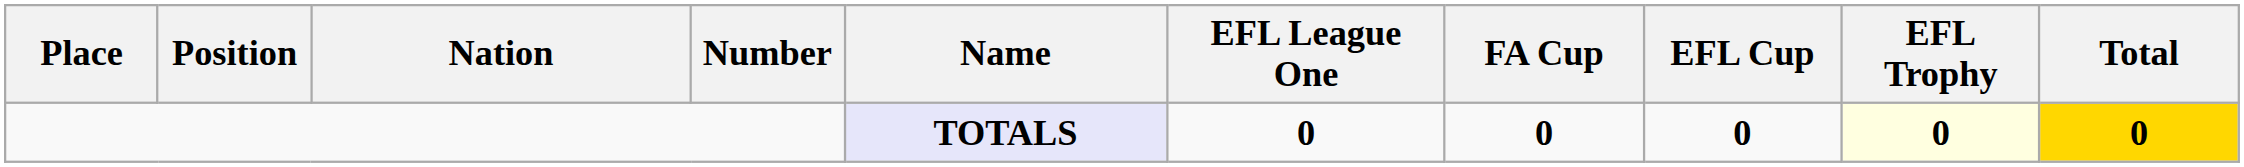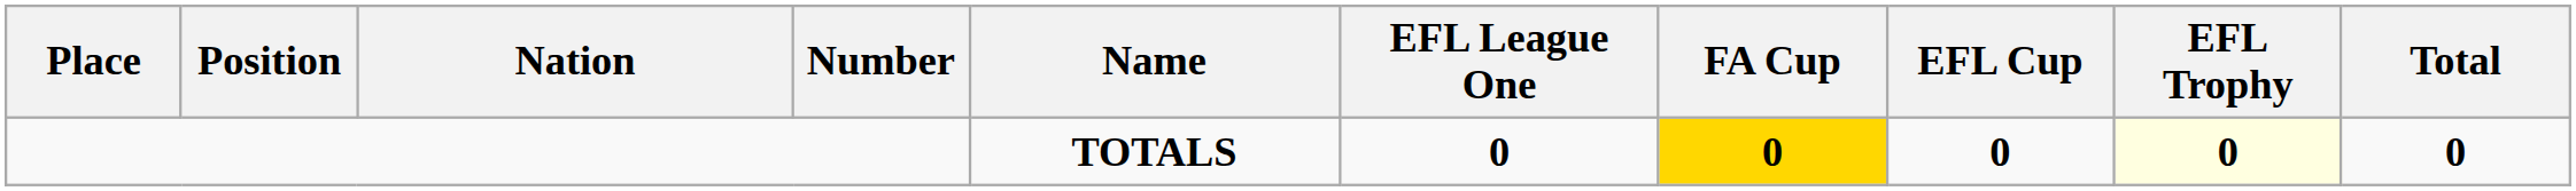 <table class="wikitable" style="text-align: center;">
 <tr>
 <th width=60>Place</th>
 <th width=60>Position</th>
 <th width=160>Nation</th>
 <th width=60>Number</th>
 <th width=135>Name</th>
 <th width=115>EFL League One</th>
 <th width=80>FA Cup</th>
 <th width=80>EFL Cup</th>
 <th width=80>EFL Trophy</th>
 <th width=80>Total</th>
 </tr>
 <tr>
 <td colspan="4"></td>
-<td style="background: lavender;"><strong>TOTALS</strong></td>
+<td><strong>TOTALS</strong></td>
 <td><strong>0</strong></td>
-<td><strong>0</strong></td>
+<td style="background: gold;"><strong>0</strong></td>
 <td><strong>0</strong></td>
 <td style="background: lightyellow;"><strong>0</strong></td>
-<td style="background: gold;"><strong>0</strong></td>
+<td><strong>0</strong></td>
 </tr>
 </table>
